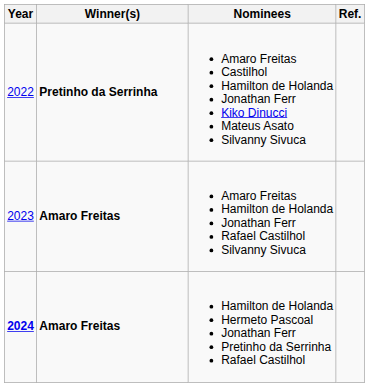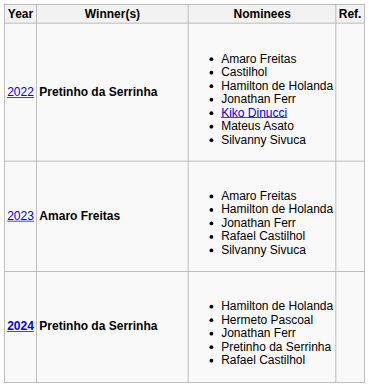 <table class="wikitable sortable">
 <tr>
 <th style="width:5px;"><strong>Year</strong></th>
 <th style="width:195px;"><strong>Winner(s)</strong></th>
 <th class="unsortable"><strong>Nominees</strong></th>
 <th class="unsortable">Ref.</th>
 </tr>
 <tr>
 <td align="center"><a href='#'>2022</a></td>
 <td><strong>Pretinho da Serrinha</strong></td>
 <td><br><ul><li>Amaro Freitas</li><li>Castilhol</li><li>Hamilton de Holanda</li><li>Jonathan Ferr</li><li><a href='#'>Kiko Dinucci</a></li><li>Mateus Asato</li><li>Silvanny Sivuca</li></ul></td>
 <td></td>
 </tr>
 <tr>
 <td align="center"><a href='#'>2023</a></td>
 <td><strong>Amaro Freitas</strong></td>
 <td><br><ul><li>Amaro Freitas</li><li>Hamilton de Holanda</li><li>Jonathan Ferr</li><li>Rafael Castilhol</li><li>Silvanny Sivuca</li></ul></td>
 <td></td>
 </tr>
 <tr>
 <td align="center"><strong><a href='#'>2024</a></strong></td>
-<td><strong>Amaro Freitas</strong></td>
+<td><strong>Pretinho da Serrinha</strong></td>
 <td><br><ul><li>Hamilton de Holanda</li><li>Hermeto Pascoal</li><li>Jonathan Ferr</li><li>Pretinho da Serrinha</li><li>Rafael Castilhol</li></ul></td>
 <td></td>
 </tr>
 </table>
